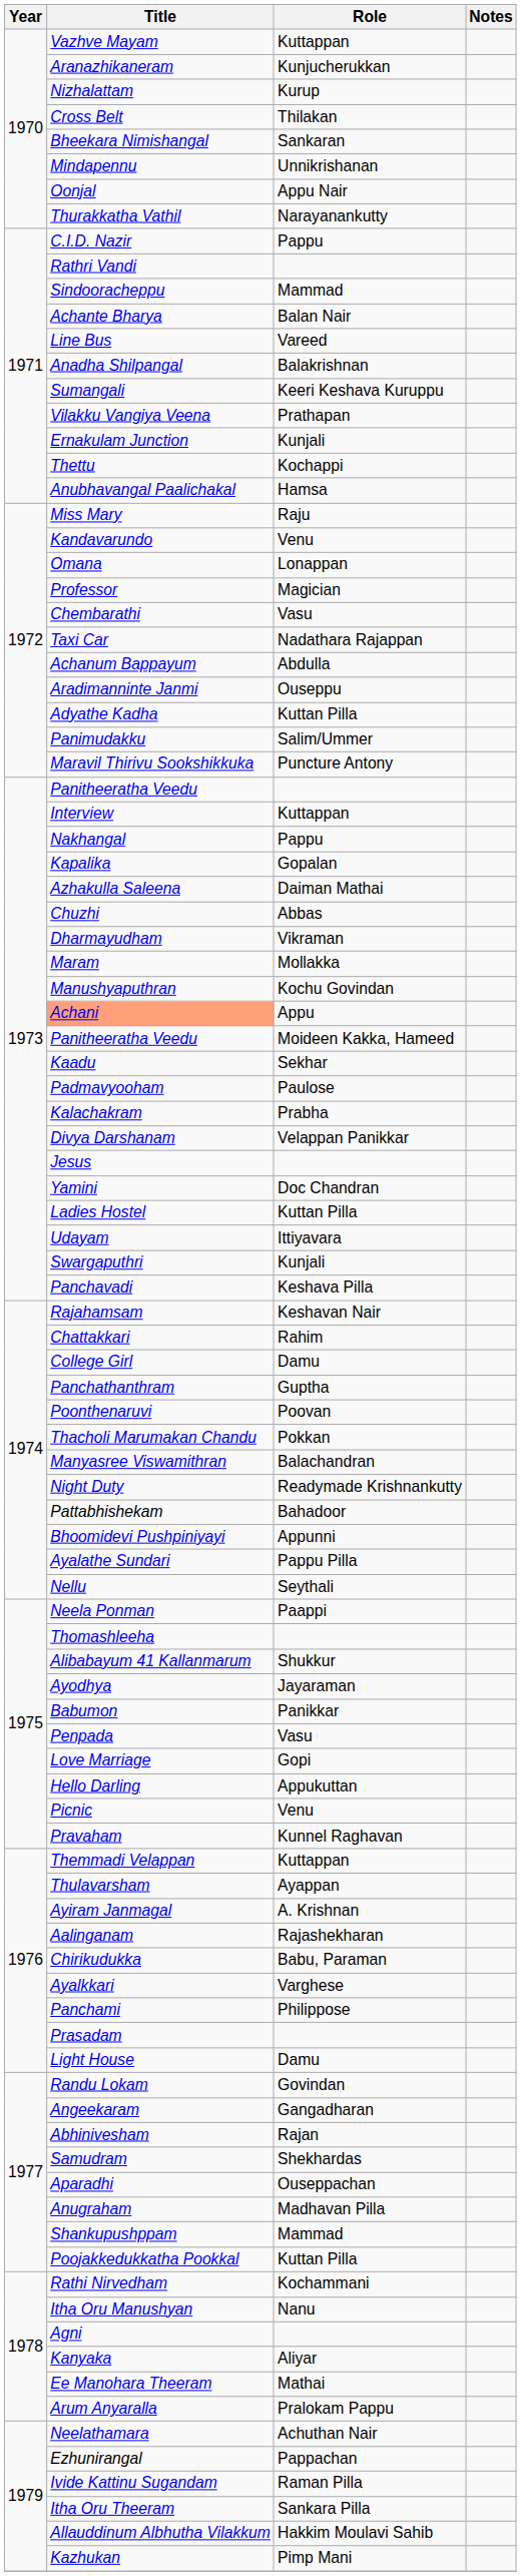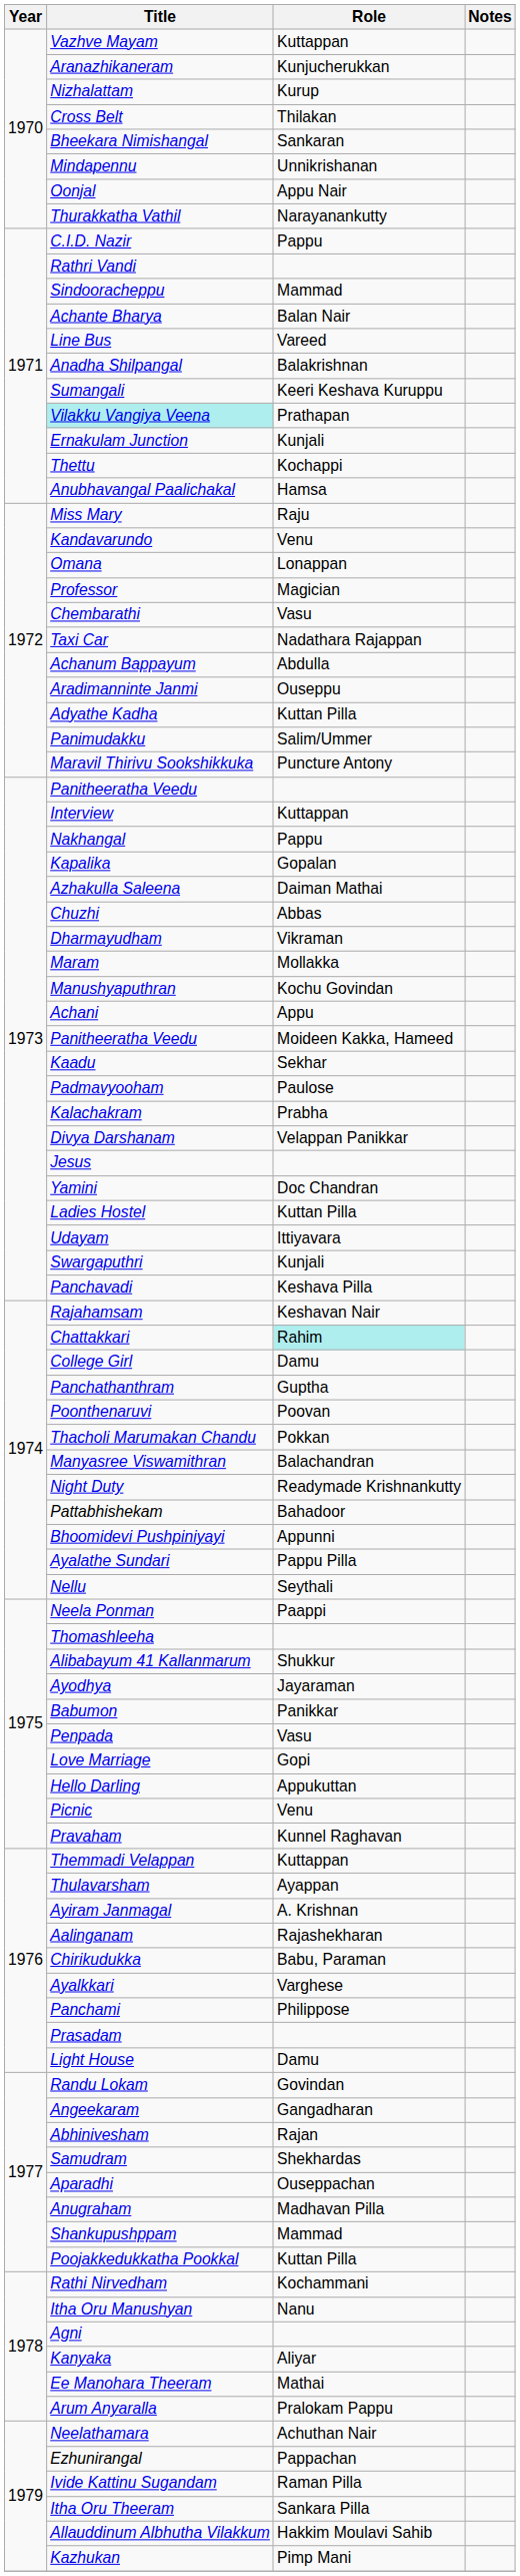 <table class="wikitable sortable">
 <tr>
 <th>Year</th>
 <th>Title</th>
 <th>Role</th>
 <th class="unsortable">Notes</th>
 </tr>
 <tr>
 <td rowspan=8>1970</td>
 <td><em><a href='#'>Vazhve Mayam</a></em></td>
 <td>Kuttappan</td>
 <td></td>
 </tr>
 <tr>
 <td><em><a href='#'>Aranazhikaneram</a></em></td>
 <td>Kunjucherukkan</td>
 <td></td>
 </tr>
 <tr>
 <td><em><a href='#'>Nizhalattam</a></em></td>
 <td>Kurup</td>
 <td></td>
 </tr>
 <tr>
 <td><em><a href='#'>Cross Belt</a></em></td>
 <td>Thilakan</td>
 <td></td>
 </tr>
 <tr>
 <td><em><a href='#'>Bheekara Nimishangal</a></em></td>
 <td>Sankaran</td>
 <td></td>
 </tr>
 <tr>
 <td><em><a href='#'>Mindapennu</a></em></td>
 <td>Unnikrishanan</td>
 <td></td>
 </tr>
 <tr>
 <td><em><a href='#'>Oonjal</a></em></td>
 <td>Appu Nair</td>
 <td></td>
 </tr>
 <tr>
 <td><em><a href='#'>Thurakkatha Vathil</a></em></td>
 <td>Narayanankutty</td>
 <td></td>
 </tr>
 <tr>
 <td rowspan=11>1971</td>
 <td><em><a href='#'>C.I.D. Nazir</a></em></td>
 <td>Pappu</td>
 <td></td>
 </tr>
 <tr>
 <td><em><a href='#'>Rathri Vandi</a></em></td>
 <td></td>
 <td></td>
 </tr>
 <tr>
 <td><em><a href='#'>Sindooracheppu</a></em></td>
 <td>Mammad</td>
 <td></td>
 </tr>
 <tr>
 <td><em><a href='#'>Achante Bharya</a></em></td>
 <td>Balan Nair</td>
 <td></td>
 </tr>
 <tr>
 <td><em><a href='#'>Line Bus</a></em></td>
 <td>Vareed</td>
 <td></td>
 </tr>
 <tr>
 <td><em><a href='#'>Anadha Shilpangal</a></em></td>
 <td>Balakrishnan</td>
 <td></td>
 </tr>
 <tr>
 <td><em><a href='#'>Sumangali</a></em></td>
 <td>Keeri Keshava Kuruppu</td>
 <td></td>
 </tr>
 <tr>
-<td><em><a href='#'>Vilakku Vangiya Veena</a></em></td>
+<td style="background: paleturquoise;"><em><a href='#'>Vilakku Vangiya Veena</a></em></td>
 <td>Prathapan</td>
 <td></td>
 </tr>
 <tr>
 <td><em><a href='#'>Ernakulam Junction</a></em></td>
 <td>Kunjali</td>
 <td></td>
 </tr>
 <tr>
 <td><em><a href='#'>Thettu</a></em></td>
 <td>Kochappi</td>
 <td></td>
 </tr>
 <tr>
 <td><em><a href='#'>Anubhavangal Paalichakal</a></em></td>
 <td>Hamsa</td>
 <td></td>
 </tr>
 <tr>
 <td rowspan=11>1972</td>
 <td><em><a href='#'>Miss Mary</a></em></td>
 <td>Raju</td>
 <td></td>
 </tr>
 <tr>
 <td><em><a href='#'>Kandavarundo</a></em></td>
 <td>Venu</td>
 <td></td>
 </tr>
 <tr>
 <td><em><a href='#'>Omana</a></em></td>
 <td>Lonappan</td>
 <td></td>
 </tr>
 <tr>
 <td><em><a href='#'>Professor</a></em></td>
 <td>Magician</td>
 <td></td>
 </tr>
 <tr>
 <td><em><a href='#'>Chembarathi</a></em></td>
 <td>Vasu</td>
 <td></td>
 </tr>
 <tr>
 <td><em><a href='#'>Taxi Car</a></em></td>
 <td>Nadathara Rajappan</td>
 <td></td>
 </tr>
 <tr>
 <td><em><a href='#'>Achanum Bappayum</a></em></td>
 <td>Abdulla</td>
 <td></td>
 </tr>
 <tr>
 <td><em><a href='#'>Aradimanninte Janmi</a></em></td>
 <td>Ouseppu</td>
 <td></td>
 </tr>
 <tr>
 <td><em><a href='#'>Adyathe Kadha</a></em></td>
 <td>Kuttan Pilla</td>
 <td></td>
 </tr>
 <tr>
 <td><em><a href='#'>Panimudakku</a></em></td>
 <td>Salim/Ummer</td>
 <td></td>
 </tr>
 <tr>
 <td><em><a href='#'>Maravil Thirivu Sookshikkuka</a></em></td>
 <td>Puncture Antony</td>
 <td></td>
 </tr>
 <tr>
 <td rowspan=21>1973</td>
 <td><em><a href='#'>Panitheeratha Veedu</a></em></td>
 <td></td>
 <td></td>
 </tr>
 <tr>
 <td><em><a href='#'>Interview</a></em></td>
 <td>Kuttappan</td>
 <td></td>
 </tr>
 <tr>
 <td><em><a href='#'>Nakhangal</a></em></td>
 <td>Pappu</td>
 <td></td>
 </tr>
 <tr>
 <td><em><a href='#'>Kapalika</a></em></td>
 <td>Gopalan</td>
 <td></td>
 </tr>
 <tr>
 <td><em><a href='#'>Azhakulla Saleena</a></em></td>
 <td>Daiman Mathai</td>
 <td></td>
 </tr>
 <tr>
 <td><em><a href='#'>Chuzhi</a></em></td>
 <td>Abbas</td>
 <td></td>
 </tr>
 <tr>
 <td><em><a href='#'>Dharmayudham</a></em></td>
 <td>Vikraman</td>
 <td></td>
 </tr>
 <tr>
 <td><em><a href='#'>Maram</a></em></td>
 <td>Mollakka</td>
 <td></td>
 </tr>
 <tr>
 <td><em><a href='#'>Manushyaputhran</a></em></td>
 <td>Kochu Govindan</td>
 <td></td>
 </tr>
 <tr>
-<td style="background: lightsalmon;"><em><a href='#'>Achani</a></em></td>
+<td><em><a href='#'>Achani</a></em></td>
 <td>Appu</td>
 <td></td>
 </tr>
 <tr>
 <td><em><a href='#'>Panitheeratha Veedu</a></em></td>
 <td>Moideen Kakka, Hameed</td>
 <td></td>
 </tr>
 <tr>
 <td><em><a href='#'>Kaadu</a></em></td>
 <td>Sekhar</td>
 <td></td>
 </tr>
 <tr>
 <td><em><a href='#'>Padmavyooham</a></em></td>
 <td>Paulose</td>
 <td></td>
 </tr>
 <tr>
 <td><em><a href='#'>Kalachakram</a></em></td>
 <td>Prabha</td>
 <td></td>
 </tr>
 <tr>
 <td><em><a href='#'>Divya Darshanam</a></em></td>
 <td>Velappan Panikkar</td>
 <td></td>
 </tr>
 <tr>
 <td><em><a href='#'>Jesus</a></em></td>
 <td></td>
 <td></td>
 </tr>
 <tr>
 <td><em><a href='#'>Yamini</a></em></td>
 <td>Doc Chandran</td>
 <td></td>
 </tr>
 <tr>
 <td><em><a href='#'>Ladies Hostel</a></em></td>
 <td>Kuttan Pilla</td>
 <td></td>
 </tr>
 <tr>
 <td><em><a href='#'>Udayam</a></em></td>
 <td>Ittiyavara</td>
 <td></td>
 </tr>
 <tr>
 <td><em><a href='#'>Swargaputhri</a></em></td>
 <td>Kunjali</td>
 <td></td>
 </tr>
 <tr>
 <td><em><a href='#'>Panchavadi</a></em></td>
 <td>Keshava Pilla</td>
 <td></td>
 </tr>
 <tr>
 <td rowspan=12>1974</td>
 <td><em><a href='#'>Rajahamsam</a></em></td>
 <td>Keshavan Nair</td>
 <td></td>
 </tr>
 <tr>
 <td><em><a href='#'>Chattakkari</a></em></td>
-<td>Rahim</td>
+<td style="background: paleturquoise;">Rahim</td>
 <td></td>
 </tr>
 <tr>
 <td><em><a href='#'>College Girl</a></em></td>
 <td>Damu</td>
 <td></td>
 </tr>
 <tr>
 <td><em><a href='#'>Panchathanthram</a></em></td>
 <td>Guptha</td>
 <td></td>
 </tr>
 <tr>
 <td><em><a href='#'>Poonthenaruvi</a></em></td>
 <td>Poovan</td>
 <td></td>
 </tr>
 <tr>
 <td><em><a href='#'>Thacholi Marumakan Chandu</a></em></td>
 <td>Pokkan</td>
 <td></td>
 </tr>
 <tr>
 <td><em><a href='#'>Manyasree Viswamithran</a></em></td>
 <td>Balachandran</td>
 <td></td>
 </tr>
 <tr>
 <td><em><a href='#'>Night Duty</a></em></td>
 <td>Readymade Krishnankutty</td>
 <td></td>
 </tr>
 <tr>
 <td><em>Pattabhishekam</em></td>
 <td>Bahadoor</td>
 <td></td>
 </tr>
 <tr>
 <td><em><a href='#'>Bhoomidevi Pushpiniyayi</a></em></td>
 <td>Appunni</td>
 <td></td>
 </tr>
 <tr>
 <td><em><a href='#'>Ayalathe Sundari</a></em></td>
 <td>Pappu Pilla</td>
 <td></td>
 </tr>
 <tr>
 <td><em><a href='#'>Nellu</a></em></td>
 <td>Seythali</td>
 <td></td>
 </tr>
 <tr>
 <td rowspan=10>1975</td>
 <td><em><a href='#'>Neela Ponman</a></em></td>
 <td>Paappi</td>
 <td></td>
 </tr>
 <tr>
 <td><em><a href='#'>Thomashleeha</a></em></td>
 <td></td>
 <td></td>
 </tr>
 <tr>
 <td><em><a href='#'>Alibabayum 41 Kallanmarum</a></em></td>
 <td>Shukkur</td>
 <td></td>
 </tr>
 <tr>
 <td><em><a href='#'>Ayodhya</a></em></td>
 <td>Jayaraman</td>
 <td></td>
 </tr>
 <tr>
 <td><em><a href='#'>Babumon</a></em></td>
 <td>Panikkar</td>
 <td></td>
 </tr>
 <tr>
 <td><em><a href='#'>Penpada</a></em></td>
 <td>Vasu</td>
 <td></td>
 </tr>
 <tr>
 <td><em><a href='#'>Love Marriage</a></em></td>
 <td>Gopi</td>
 <td></td>
 </tr>
 <tr>
 <td><em><a href='#'>Hello Darling</a></em></td>
 <td>Appukuttan</td>
 <td></td>
 </tr>
 <tr>
 <td><em><a href='#'>Picnic</a></em></td>
 <td>Venu</td>
 <td></td>
 </tr>
 <tr>
 <td><em><a href='#'>Pravaham</a></em></td>
 <td>Kunnel Raghavan</td>
 <td></td>
 </tr>
 <tr>
 <td rowspan=9>1976</td>
 <td><em><a href='#'>Themmadi Velappan</a></em></td>
 <td>Kuttappan</td>
 <td></td>
 </tr>
 <tr>
 <td><em><a href='#'>Thulavarsham</a></em></td>
 <td>Ayappan</td>
 <td></td>
 </tr>
 <tr>
 <td><em><a href='#'>Ayiram Janmagal</a></em></td>
 <td>A. Krishnan</td>
 <td></td>
 </tr>
 <tr>
 <td><em><a href='#'>Aalinganam</a></em></td>
 <td>Rajashekharan</td>
 <td></td>
 </tr>
 <tr>
 <td><em><a href='#'>Chirikudukka</a></em></td>
 <td>Babu, Paraman</td>
 <td></td>
 </tr>
 <tr>
 <td><em><a href='#'>Ayalkkari</a></em></td>
 <td>Varghese</td>
 <td></td>
 </tr>
 <tr>
 <td><em><a href='#'>Panchami</a></em></td>
 <td>Philippose</td>
 <td></td>
 </tr>
 <tr>
 <td><em><a href='#'>Prasadam</a></em></td>
 <td></td>
 <td></td>
 </tr>
 <tr>
 <td><em><a href='#'>Light House</a></em></td>
 <td>Damu</td>
 <td></td>
 </tr>
 <tr>
 <td rowspan=8>1977</td>
 <td><em><a href='#'>Randu Lokam</a></em></td>
 <td>Govindan</td>
 <td></td>
 </tr>
 <tr>
 <td><em><a href='#'>Angeekaram</a></em></td>
 <td>Gangadharan</td>
 <td></td>
 </tr>
 <tr>
 <td><em><a href='#'>Abhinivesham</a></em></td>
 <td>Rajan</td>
 <td></td>
 </tr>
 <tr>
 <td><em><a href='#'>Samudram</a></em></td>
 <td>Shekhardas</td>
 <td></td>
 </tr>
 <tr>
 <td><em><a href='#'>Aparadhi</a></em></td>
 <td>Ouseppachan</td>
 <td></td>
 </tr>
 <tr>
 <td><em><a href='#'>Anugraham</a></em></td>
 <td>Madhavan Pilla</td>
 <td></td>
 </tr>
 <tr>
 <td><em><a href='#'>Shankupushppam</a></em></td>
 <td>Mammad</td>
 <td></td>
 </tr>
 <tr>
 <td><em><a href='#'>Poojakkedukkatha Pookkal</a></em></td>
 <td>Kuttan Pilla</td>
 <td></td>
 </tr>
 <tr>
 <td rowspan=6>1978</td>
 <td><em><a href='#'>Rathi Nirvedham</a></em></td>
 <td>Kochammani</td>
 <td></td>
 </tr>
 <tr>
 <td><em><a href='#'>Itha Oru Manushyan</a></em></td>
 <td>Nanu</td>
 <td></td>
 </tr>
 <tr>
 <td><em><a href='#'>Agni</a></em></td>
 <td></td>
 <td></td>
 </tr>
 <tr>
 <td><em><a href='#'>Kanyaka</a></em></td>
 <td>Aliyar</td>
 <td></td>
 </tr>
 <tr>
 <td><em><a href='#'>Ee Manohara Theeram</a></em></td>
 <td>Mathai</td>
 <td></td>
 </tr>
 <tr>
 <td><em><a href='#'>Arum Anyaralla</a></em></td>
 <td>Pralokam Pappu</td>
 <td></td>
 </tr>
 <tr>
 <td rowspan=6>1979</td>
 <td><em><a href='#'>Neelathamara</a></em></td>
 <td>Achuthan Nair</td>
 <td></td>
 </tr>
 <tr>
 <td><em>Ezhunirangal</em></td>
 <td>Pappachan</td>
 <td></td>
 </tr>
 <tr>
 <td><em><a href='#'>Ivide Kattinu Sugandam</a></em></td>
 <td>Raman Pilla</td>
 <td></td>
 </tr>
 <tr>
 <td><em><a href='#'>Itha Oru Theeram</a></em></td>
 <td>Sankara Pilla</td>
 <td></td>
 </tr>
 <tr>
 <td><em><a href='#'>Allauddinum Albhutha Vilakkum</a></em></td>
 <td>Hakkim Moulavi Sahib</td>
 <td></td>
 </tr>
 <tr>
 <td><em><a href='#'>Kazhukan</a></em></td>
 <td>Pimp Mani</td>
 <td></td>
 </tr>
 <tr>
 </tr>
 </table>
